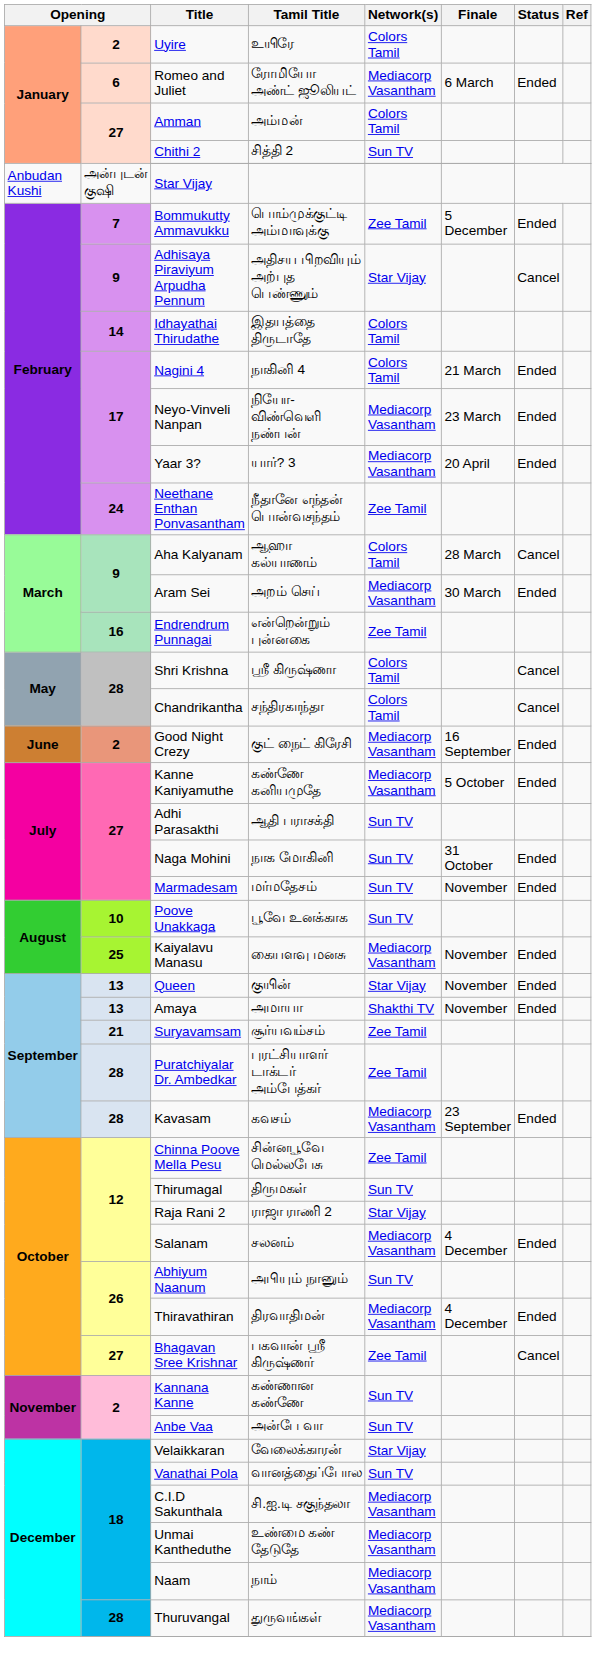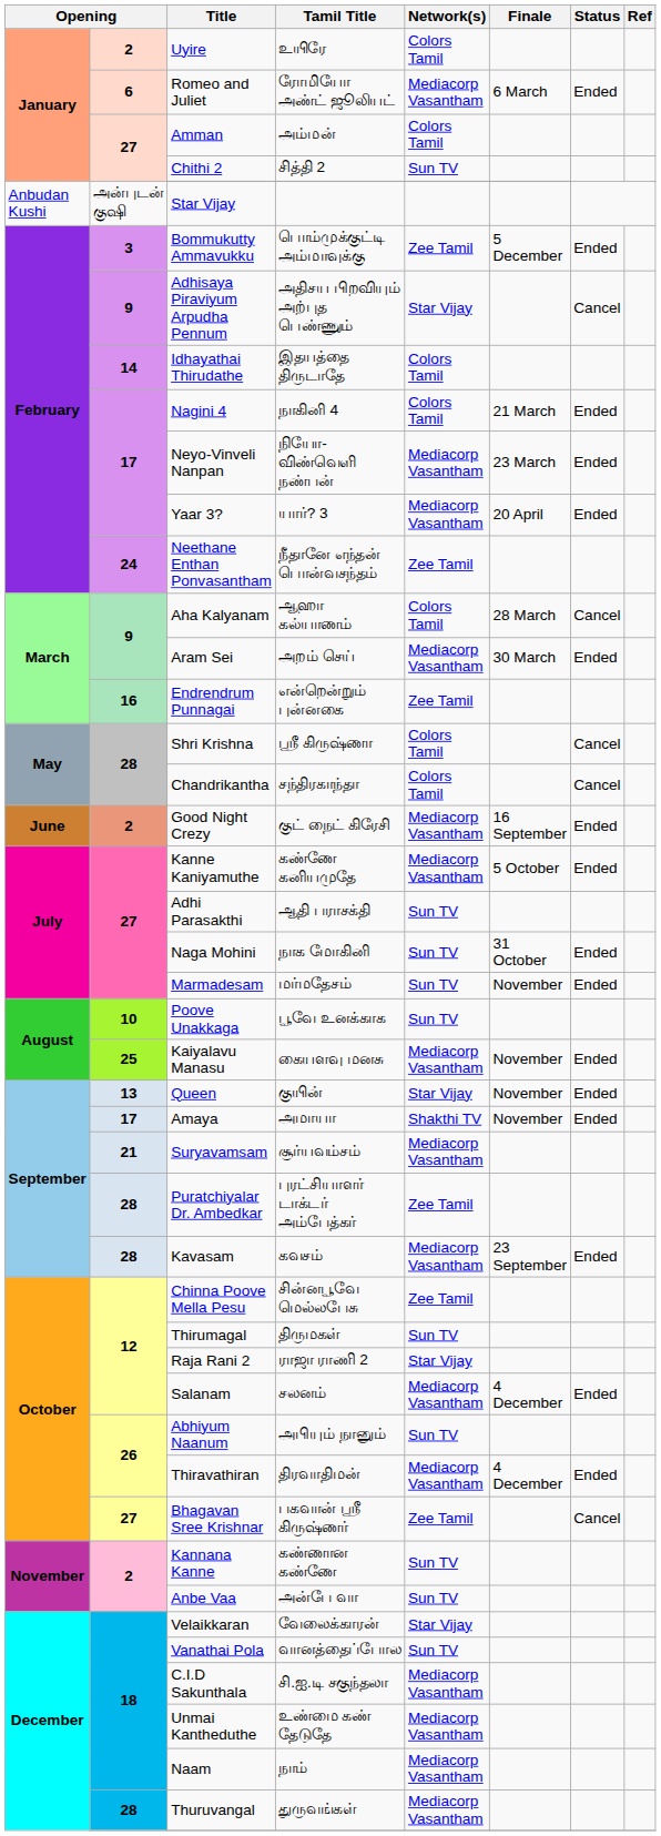 <table class="wikitable" width="75%">
 <tr>
 <th colspan="2">Opening</th>
 <th style="width:30%;">Title</th>
 <th style="width:30%;">Tamil Title</th>
 <th style="width:20%;">Network(s)</th>
 <th style="width:20%;">Finale</th>
 <th style="width:20%;">Status</th>
 <th>Ref</th>
 </tr>
 <tr>
 <td rowspan="5" style="text-align:center;background:#ffa07a;textcolor:#000;"><strong>January</strong></td>
 <td style="text-align:center; background:#ffdacc;"><strong>2</strong></td>
 <td><a href='#'>Uyire</a></td>
 <td>உயிரே</td>
 <td><a href='#'>Colors Tamil</a></td>
 <td></td>
 <td></td>
 <td></td>
 </tr>
 <tr>
 <td style="text-align:center; background:#ffdacc;"><strong>6</strong></td>
 <td>Romeo and Juliet</td>
 <td>ரோமியோ அண்ட் ஜூலியட்</td>
 <td><a href='#'>Mediacorp Vasantham</a></td>
 <td>6 March</td>
 <td>Ended</td>
 <td></td>
 </tr>
 <tr>
 <td rowspan="3" style="text-align:center; background:#ffdacc;"><strong>27</strong></td>
 <td><a href='#'>Amman</a></td>
 <td>அம்மன்</td>
 <td><a href='#'>Colors Tamil</a></td>
 <td></td>
 <td></td>
 <td></td>
 </tr>
 <tr>
 <td><a href='#'>Chithi 2</a></td>
 <td>சித்தி 2</td>
 <td><a href='#'>Sun TV</a></td>
 <td></td>
 <td></td>
 <td></td>
 </tr>
 <tr>
 </tr>
 <tr>
 <td><a href='#'>Anbudan Kushi</a></td>
 <td>அன்புடன் குஷி</td>
 <td><a href='#'>Star Vijay</a></td>
 <td></td>
 <td></td>
 <td></td>
 </tr>
 <tr>
 <td rowspan="7" style="text-align:center; background:#8A2BE2; textcolor:#000;"><strong>February</strong></td>
-<td style="text-align:center; background:#D891EF;"><strong>7</strong></td>
+<td style="text-align:center; background:#D891EF;"><strong>3</strong></td>
 <td><a href='#'>Bommukutty Ammavukku</a></td>
 <td>பொம்முக்குட்டி அம்மாவுக்கு</td>
 <td><a href='#'>Zee Tamil</a></td>
 <td>5 December</td>
 <td>Ended</td>
 <td></td>
 </tr>
 <tr>
 <td style="text-align:center; background:#D891EF;"><strong>9</strong></td>
 <td><a href='#'>Adhisaya Piraviyum Arpudha Pennum</a></td>
 <td>அதிசய பிறவியும் அற்புத பெண்ணும்</td>
 <td><a href='#'>Star Vijay</a></td>
 <td></td>
 <td>Cancel</td>
 <td></td>
 </tr>
 <tr>
 <td style="text-align:center; background:#D891EF;"><strong>14</strong></td>
 <td><a href='#'>Idhayathai Thirudathe</a></td>
 <td>இதயத்தை திருடாதே</td>
 <td><a href='#'>Colors Tamil</a></td>
 <td></td>
 <td></td>
 <td></td>
 </tr>
 <tr>
 <td rowspan="3" style="text-align:center; background:#D891EF;"><strong>17</strong></td>
 <td><a href='#'>Nagini 4</a></td>
 <td>நாகினி 4</td>
 <td><a href='#'>Colors Tamil</a></td>
 <td>21 March</td>
 <td>Ended</td>
 <td></td>
 </tr>
 <tr>
 <td>Neyo-Vinveli Nanpan</td>
 <td>நியோ-விண்வெளி நண்பன்</td>
 <td><a href='#'>Mediacorp Vasantham</a></td>
 <td>23 March</td>
 <td>Ended</td>
 <td></td>
 </tr>
 <tr>
 <td>Yaar 3?</td>
 <td>யார்? 3</td>
 <td><a href='#'>Mediacorp Vasantham</a></td>
 <td>20 April</td>
 <td>Ended</td>
 <td></td>
 </tr>
 <tr>
 <td style="text-align:center; background:#D891EF;"><strong>24</strong></td>
 <td><a href='#'>Neethane Enthan Ponvasantham</a></td>
 <td>நீதானே எந்தன் பொன்வசந்தம்</td>
 <td><a href='#'>Zee Tamil</a></td>
 <td></td>
 <td></td>
 <td></td>
 </tr>
 <tr>
 <td rowspan="3" style="text-align:center; background:#98fb98; textcolor:#000;"><strong>March</strong></td>
 <td rowspan="2" style="text-align:center; background:#a8e4bc;"><strong>9</strong></td>
 <td>Aha Kalyanam</td>
 <td>ஆஹா கல்யாணம்</td>
 <td><a href='#'>Colors Tamil</a></td>
 <td>28 March</td>
 <td>Cancel</td>
 <td></td>
 </tr>
 <tr>
 <td>Aram Sei</td>
 <td>அறம் செய்</td>
 <td><a href='#'>Mediacorp Vasantham</a></td>
 <td>30 March</td>
 <td>Ended</td>
 <td></td>
 </tr>
 <tr>
 <td style="text-align:center; background:#a8e4bc;"><strong>16</strong></td>
 <td><a href='#'>Endrendrum Punnagai</a></td>
 <td>என்றென்றும் புன்னகை</td>
 <td><a href='#'>Zee Tamil</a></td>
 <td></td>
 <td></td>
 <td></td>
 </tr>
 <tr>
 <td rowspan="2" style="text-align:center; background:#91a3b0; textcolor:#000;"><strong>May</strong></td>
 <td rowspan="2" style="text-align:center; background:silver"><strong>28</strong></td>
 <td>Shri Krishna</td>
 <td>ஸ்ரீ கிருஷ்ணா</td>
 <td><a href='#'>Colors Tamil</a></td>
 <td></td>
 <td>Cancel</td>
 <td></td>
 </tr>
 <tr>
 <td>Chandrikantha</td>
 <td>சந்திரகாந்தா</td>
 <td><a href='#'>Colors Tamil</a></td>
 <td></td>
 <td>Cancel</td>
 <td></td>
 </tr>
 <tr>
 <td style="text-align:center; background:#CD7F32; textcolor:#000;"><strong>June</strong></td>
 <td style="text-align:center; background:#e9967a;"><strong>2</strong></td>
 <td>Good Night Crezy</td>
 <td>குட் நைட் கிரேசி</td>
 <td><a href='#'>Mediacorp Vasantham</a></td>
 <td>16 September</td>
 <td>Ended</td>
 <td></td>
 </tr>
 <tr>
 <td rowspan="4" style="text-align:center; background:#F400A1; textcolor:#000;"><strong>July</strong></td>
 <td rowspan="4" style="text-align:center; background:hotPink;"><strong>27</strong></td>
 <td>Kanne Kaniyamuthe</td>
 <td>கண்ணே கனியமுதே</td>
 <td><a href='#'>Mediacorp Vasantham</a></td>
 <td>5 October</td>
 <td>Ended</td>
 <td></td>
 </tr>
 <tr>
 <td>Adhi Parasakthi</td>
 <td>ஆதி பராசக்தி</td>
 <td><a href='#'>Sun TV</a></td>
 <td></td>
 <td></td>
 <td></td>
 </tr>
 <tr>
 <td>Naga Mohini</td>
 <td>நாக மோகினி</td>
 <td><a href='#'>Sun TV</a></td>
 <td>31 October</td>
 <td>Ended</td>
 <td></td>
 </tr>
 <tr>
 <td><a href='#'>Marmadesam</a></td>
 <td>மர்மதேசம்</td>
 <td><a href='#'>Sun TV</a></td>
 <td>November</td>
 <td>Ended</td>
 <td></td>
 </tr>
 <tr>
 <td rowspan="2" style="text-align:center; background:#32CD32; textcolor:#d580ff;"><strong>August</strong></td>
 <td style="text-align:center; background:#a7f432;"><strong>10</strong></td>
 <td><a href='#'>Poove Unakkaga</a></td>
 <td>பூவே உனக்காக</td>
 <td><a href='#'>Sun TV</a></td>
 <td></td>
 <td></td>
 <td></td>
 </tr>
 <tr>
 <td style="text-align:center; background:#a7f432;"><strong>25</strong></td>
 <td>Kaiyalavu Manasu</td>
 <td>கையளவு மனசு</td>
 <td><a href='#'>Mediacorp Vasantham</a></td>
 <td>November</td>
 <td>Ended</td>
 <td></td>
 </tr>
 <tr>
 <td rowspan="5" style="text-align:center; background:#93CCEA; textcolor:#d580ff;"><strong>September</strong></td>
 <td style="text-align:center; background:#d9e4f1;"><strong>13</strong></td>
 <td><a href='#'>Queen</a></td>
 <td>குயின்</td>
 <td><a href='#'>Star Vijay</a></td>
 <td>November</td>
 <td>Ended</td>
 <td></td>
 </tr>
 <tr>
-<td style="text-align:center; background:#d9e4f1;"><strong>13</strong></td>
+<td style="text-align:center; background:#d9e4f1;"><strong>17</strong></td>
 <td>Amaya</td>
 <td>அமாயா</td>
 <td><a href='#'>Shakthi TV</a></td>
 <td>November</td>
 <td>Ended</td>
 <td></td>
 </tr>
 <tr>
 <td style="text-align:center; background:#d9e4f1;"><strong>21</strong></td>
 <td><a href='#'>Suryavamsam</a></td>
 <td>சூர்யவம்சம்</td>
-<td><a href='#'>Zee Tamil</a></td>
+<td><a href='#'>Mediacorp Vasantham</a></td>
 <td></td>
 <td></td>
 <td></td>
 </tr>
 <tr>
 <td style="text-align:center; background:#d9e4f1;"><strong>28</strong></td>
 <td><a href='#'>Puratchiyalar Dr. Ambedkar</a></td>
 <td>புரட்சியாளர் டாக்டர் அம்பேத்கர்</td>
 <td><a href='#'>Zee Tamil</a></td>
 <td></td>
 <td></td>
 <td></td>
 </tr>
 <tr>
 <td style="text-align:center; background:#d9e4f1;"><strong>28</strong></td>
 <td>Kavasam</td>
 <td>கவசம்</td>
 <td><a href='#'>Mediacorp Vasantham</a></td>
 <td>23 September</td>
 <td>Ended</td>
 <td></td>
 </tr>
 <tr>
 <td rowspan="7" style="text-align:center; background:#FFAA1D; textcolor:#d580ff;"><strong>October</strong></td>
 <td rowspan="4" style="text-align:center; background:#FFFF99;"><strong>12</strong></td>
 <td><a href='#'>Chinna Poove Mella Pesu</a></td>
 <td>சின்னபூவே மெல்லபேசு</td>
 <td><a href='#'>Zee Tamil</a></td>
 <td></td>
 <td></td>
 <td></td>
 </tr>
 <tr>
 <td>Thirumagal</td>
 <td>திருமகள்</td>
 <td><a href='#'>Sun TV</a></td>
 <td></td>
 <td></td>
 <td></td>
 </tr>
 <tr>
 <td>Raja Rani 2</td>
 <td>ராஜா ராணி 2</td>
 <td><a href='#'>Star Vijay</a></td>
 <td></td>
 <td></td>
 <td></td>
 </tr>
 <tr>
 <td>Salanam</td>
 <td>சலனம்</td>
 <td><a href='#'>Mediacorp Vasantham</a></td>
 <td>4 December</td>
 <td>Ended</td>
 <td></td>
 </tr>
 <tr>
 <td rowspan="2" style="text-align:center; background:#FFFF99;"><strong>26</strong></td>
 <td><a href='#'>Abhiyum Naanum</a></td>
 <td>அபியும் நானும்</td>
 <td><a href='#'>Sun TV</a></td>
 <td></td>
 <td></td>
 <td></td>
 </tr>
 <tr>
 <td>Thiravathiran</td>
 <td>திரவாதிமன்</td>
 <td><a href='#'>Mediacorp Vasantham</a></td>
 <td>4 December</td>
 <td>Ended</td>
 <td></td>
 </tr>
 <tr>
 <td style="text-align:center; background:#FFFF99;"><strong>27</strong></td>
 <td><a href='#'>Bhagavan Sree Krishnar</a></td>
 <td>பகவான் ஸ்ரீ கிருஷ்ணர்</td>
 <td><a href='#'>Zee Tamil</a></td>
 <td></td>
 <td>Cancel</td>
 <td></td>
 </tr>
 <tr>
 <td rowspan="2" style="text-align:center; background:#BD33A4; textcolor:#000;"><strong>November</strong></td>
 <td rowspan="2" style="text-align:center; background:#FFBCD9;"><strong>2</strong></td>
 <td><a href='#'>Kannana Kanne</a></td>
 <td>கண்ணான கண்ணே</td>
 <td><a href='#'>Sun TV</a></td>
 <td></td>
 <td></td>
 <td></td>
 </tr>
 <tr>
 <td><a href='#'>Anbe Vaa</a></td>
 <td>அன்பே வா</td>
 <td><a href='#'>Sun TV</a></td>
 <td></td>
 <td></td>
 <td></td>
 </tr>
 <tr>
 <td rowspan="7" style="text-align:center; background:#00FFFF; textcolor:#00BFFF;"><strong>December</strong></td>
 <td rowspan="5"  style="text-align:center; background:#00B7EB;"><strong>18</strong></td>
 <td>Velaikkaran</td>
 <td>வேலைக்காரன்</td>
 <td><a href='#'>Star Vijay</a></td>
 <td></td>
 <td></td>
 <td></td>
 </tr>
 <tr>
 <td><a href='#'>Vanathai Pola</a></td>
 <td>வானத்தைப்போல</td>
 <td><a href='#'>Sun TV</a></td>
 <td></td>
 <td></td>
 <td></td>
 </tr>
 <tr>
 <td>C.I.D Sakunthala</td>
 <td>சி.ஐ.டி சகுந்தலா</td>
 <td><a href='#'>Mediacorp Vasantham</a></td>
 <td></td>
 <td></td>
 <td></td>
 </tr>
 <tr>
 <td>Unmai Kantheduthe</td>
 <td>உண்மை கண் தேடுதே</td>
 <td><a href='#'>Mediacorp Vasantham</a></td>
 <td></td>
 <td></td>
 <td></td>
 </tr>
 <tr>
 <td>Naam</td>
 <td>நாம்</td>
 <td><a href='#'>Mediacorp Vasantham</a></td>
 <td></td>
 <td></td>
 <td></td>
 </tr>
 <tr>
 <td style="text-align:center; background:#00B7EB;"><strong>28</strong></td>
 <td>Thuruvangal</td>
 <td>துருவங்கள்</td>
 <td><a href='#'>Mediacorp Vasantham</a></td>
 <td></td>
 <td></td>
 <td></td>
 </tr>
 <tr>
 </tr>
 </table>
